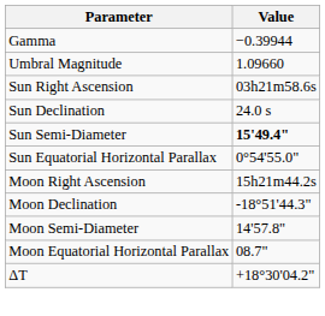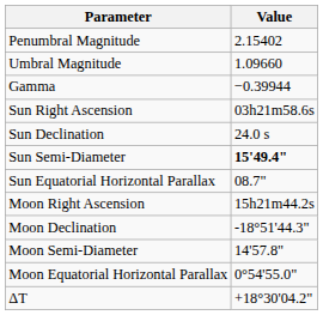 <table class="wikitable">
 <tr>
 <th>Parameter</th>
 <th>Value</th>
 </tr>
 <tr>
-<td>Gamma</td>
-<td>−0.39944</td>
+<td>Penumbral Magnitude</td>
+<td>2.15402</td>
 </tr>
 <tr>
 <td>Umbral Magnitude</td>
 <td>1.09660</td>
+</tr>
+<tr>
+<td>Gamma</td>
+<td>−0.39944</td>
 </tr>
 <tr>
 <td>Sun Right Ascension</td>
 <td>03h21m58.6s</td>
 </tr>
 <tr>
 <td>Sun Declination</td>
 <td>24.0 s</td>
 </tr>
 <tr>
 <td>Sun Semi-Diameter</td>
 <td><strong>15'49.4"</strong></td>
 </tr>
 <tr>
 <td>Sun Equatorial Horizontal Parallax</td>
-<td>0°54'55.0"</td>
+<td>08.7"</td>
 </tr>
 <tr>
 <td>Moon Right Ascension</td>
 <td>15h21m44.2s</td>
 </tr>
 <tr>
 <td>Moon Declination</td>
 <td>-18°51'44.3"</td>
 </tr>
 <tr>
 <td>Moon Semi-Diameter</td>
 <td>14'57.8"</td>
 </tr>
 <tr>
 <td>Moon Equatorial Horizontal Parallax</td>
-<td>08.7"</td>
+<td>0°54'55.0"</td>
 </tr>
 <tr>
 <td>ΔT</td>
 <td>+18°30'04.2"</td>
 </tr>
 </table>
